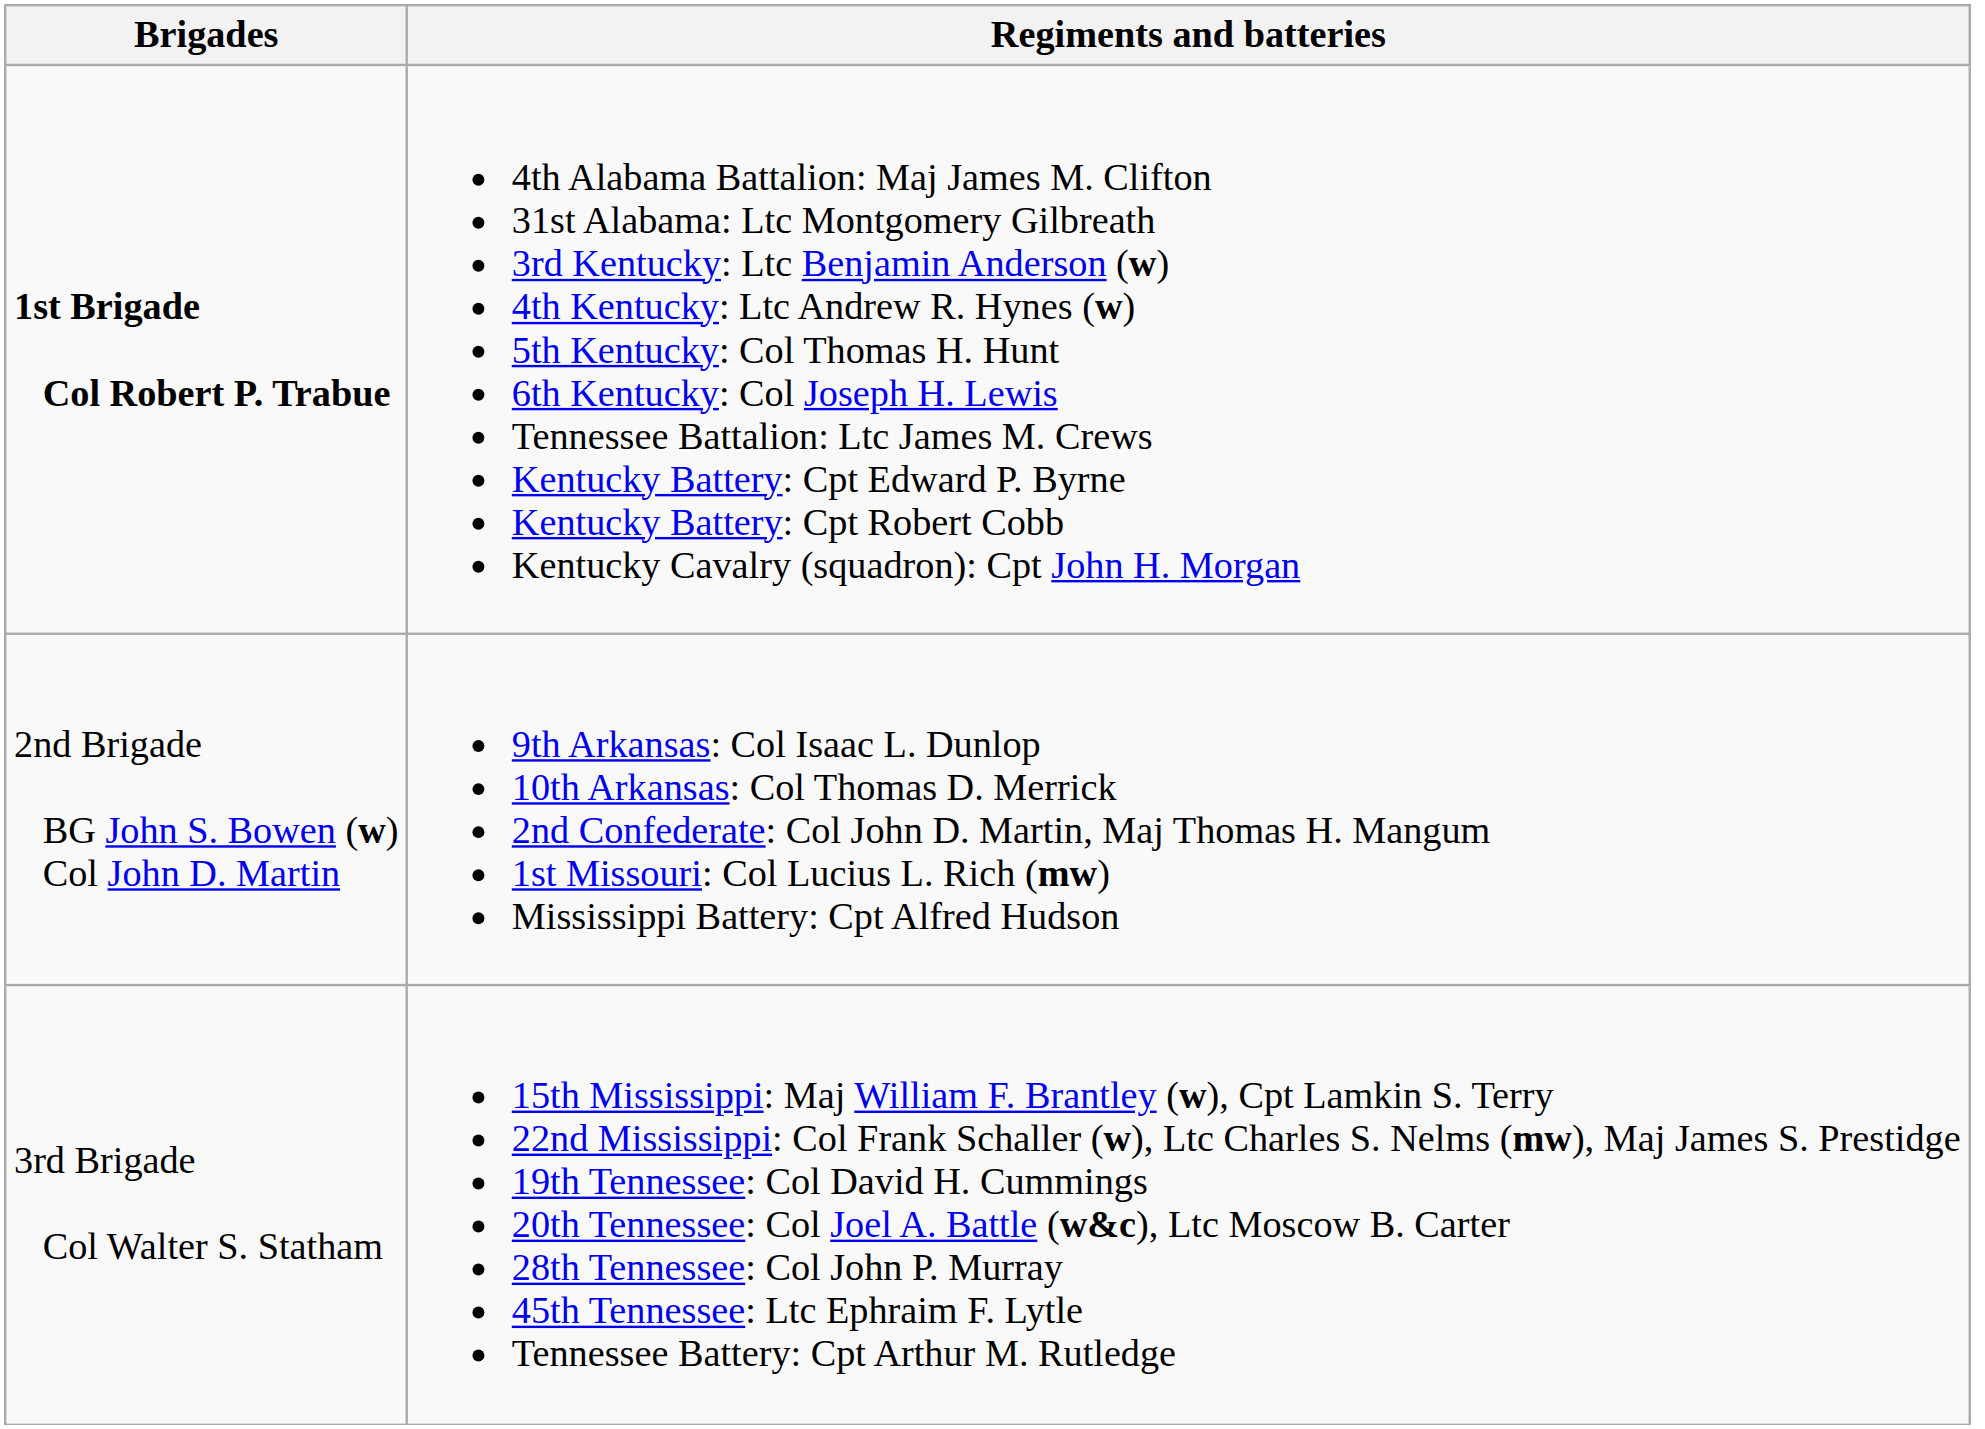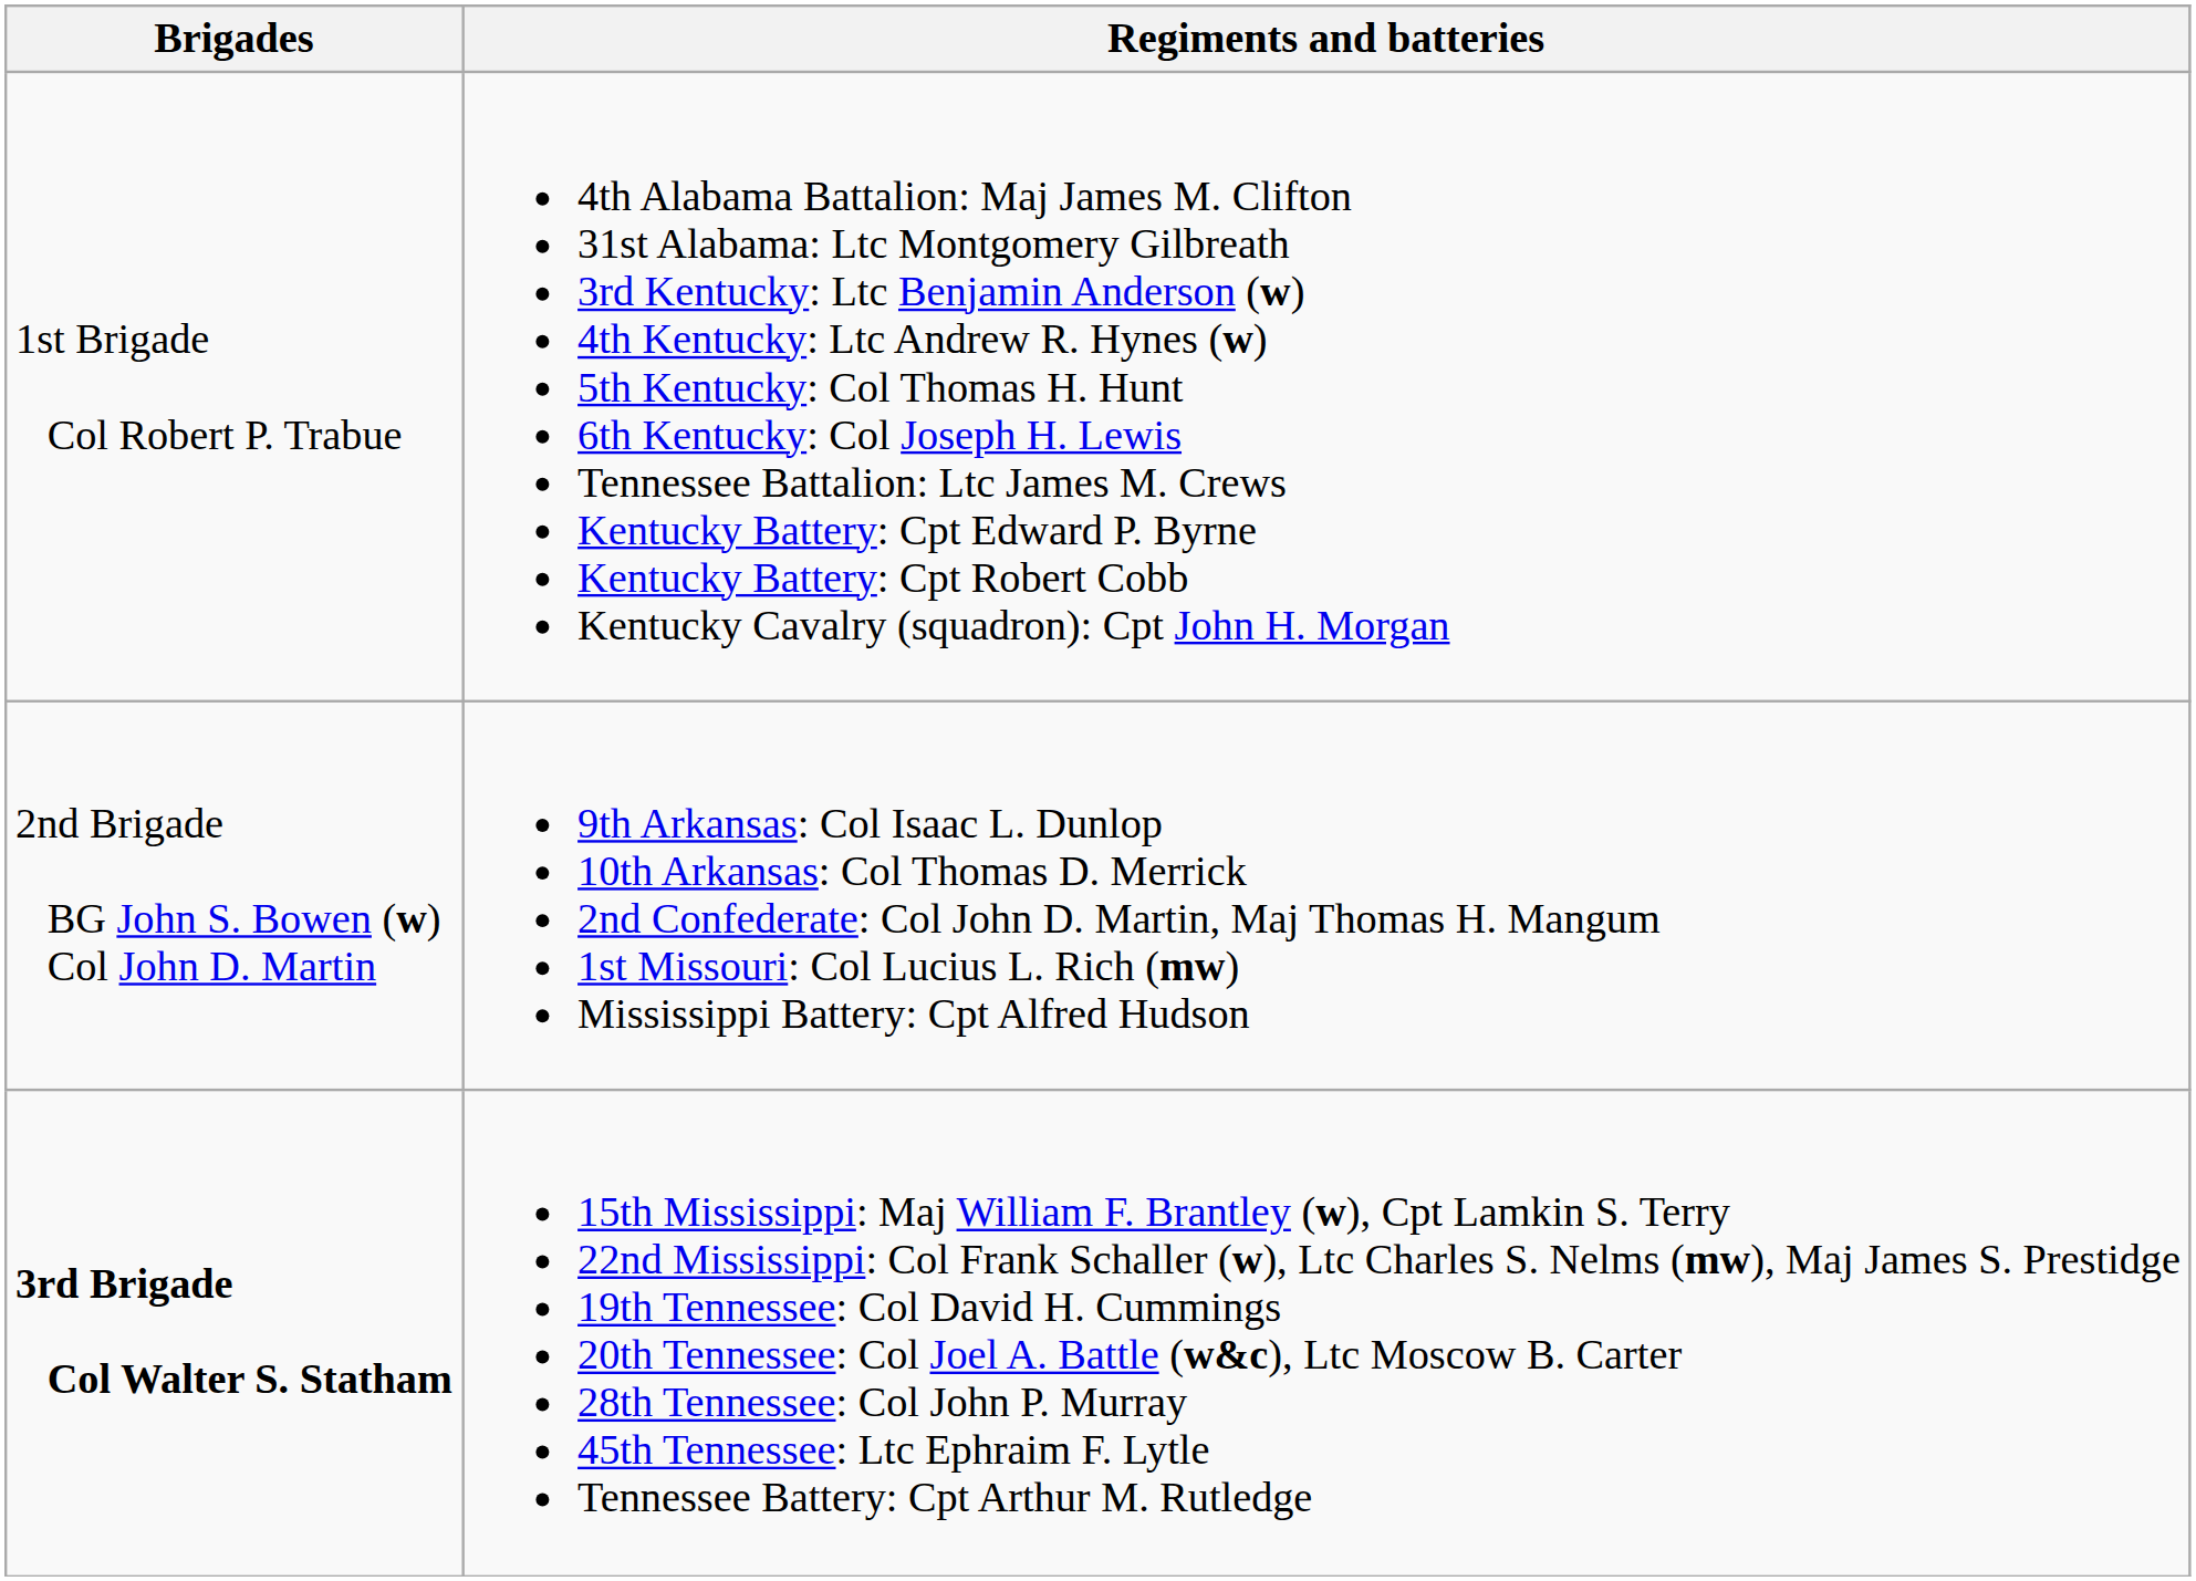 <table class="wikitable">
 <tr>
 <th><strong>Brigades</strong></th>
 <th><strong>Regiments and batteries</strong></th>
 </tr>
 <tr>
-<td><strong>1st Brigade<br><br>   Col Robert P. Trabue</strong></td>
+<td>1st Brigade<br><br>   Col Robert P. Trabue</td>
 <td><br><ul><li>4th Alabama Battalion: Maj James M. Clifton</li><li>31st Alabama: Ltc Montgomery Gilbreath</li><li><a href='#'>3rd Kentucky</a>: Ltc <a href='#'>Benjamin Anderson</a> (<strong>w</strong>)</li><li><a href='#'>4th Kentucky</a>: Ltc Andrew R. Hynes (<strong>w</strong>)</li><li><a href='#'>5th Kentucky</a>: Col Thomas H. Hunt</li><li><a href='#'>6th Kentucky</a>: Col <a href='#'>Joseph H. Lewis</a></li><li>Tennessee Battalion: Ltc James M. Crews</li><li><a href='#'>Kentucky Battery</a>: Cpt Edward P. Byrne</li><li><a href='#'>Kentucky Battery</a>: Cpt Robert Cobb</li><li>Kentucky Cavalry (squadron): Cpt <a href='#'>John H. Morgan</a></li></ul></td>
 </tr>
 <tr>
 <td>2nd Brigade<br><br>   BG <a href='#'>John S. Bowen</a> (<strong>w</strong>) <br>   Col <a href='#'>John D. Martin</a></td>
 <td><br><ul><li><a href='#'>9th Arkansas</a>: Col Isaac L. Dunlop</li><li><a href='#'>10th Arkansas</a>: Col Thomas D. Merrick</li><li><a href='#'>2nd Confederate</a>: Col John D. Martin, Maj Thomas H. Mangum</li><li><a href='#'>1st Missouri</a>: Col Lucius L. Rich (<strong>mw</strong>)</li><li>Mississippi Battery: Cpt Alfred Hudson</li></ul></td>
 </tr>
 <tr>
-<td>3rd Brigade<br><br>   Col Walter S. Statham</td>
+<td><strong>3rd Brigade<br><br>   Col Walter S. Statham</strong></td>
 <td><br><ul><li><a href='#'>15th Mississippi</a>: Maj <a href='#'>William F. Brantley</a> (<strong>w</strong>), Cpt Lamkin S. Terry</li><li><a href='#'>22nd Mississippi</a>: Col Frank Schaller (<strong>w</strong>), Ltc Charles S. Nelms (<strong>mw</strong>), Maj James S. Prestidge</li><li><a href='#'>19th Tennessee</a>: Col David H. Cummings</li><li><a href='#'>20th Tennessee</a>: Col <a href='#'>Joel A. Battle</a> (<strong>w&c</strong>), Ltc Moscow B. Carter</li><li><a href='#'>28th Tennessee</a>: Col John P. Murray</li><li><a href='#'>45th Tennessee</a>: Ltc Ephraim F. Lytle</li><li>Tennessee Battery: Cpt Arthur M. Rutledge</li></ul></td>
 </tr>
 </table>
